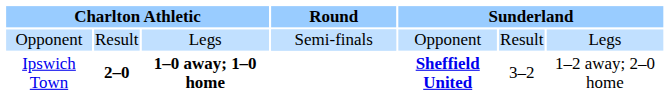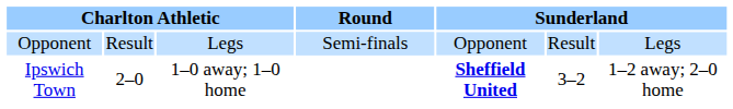 <table width="100%" bgcolor=white>
 <tr valign=top bgcolor=#99ccff>
 <th colspan=3 style="width:40%"><strong>Charlton Athletic</strong></th>
 <th width=20%><strong>Round</strong></th>
 <th colspan=3 style="width:40%"><strong>Sunderland</strong></th>
 </tr>
 <tr valign=top align="center" bgcolor=#c1e0ff>
 <td>Opponent</td>
 <td>Result</td>
 <td>Legs</td>
 <td bgcolor=#c1e0ff>Semi-finals</td>
 <td>Opponent</td>
 <td>Result</td>
 <td>Legs</td>
 </tr>
 <tr align="center">
 <td><a href='#'>Ipswich Town</a></td>
-<td><strong>2–0</strong></td>
-<td><strong>1–0 away; 1–0 home</strong></td>
+<td>2–0</td>
+<td>1–0 away; 1–0 home</td>
 <td></td>
 <td><strong><a href='#'>Sheffield United</a></strong></td>
 <td>3–2</td>
 <td>1–2 away; 2–0 home</td>
 </tr>
 </table>
